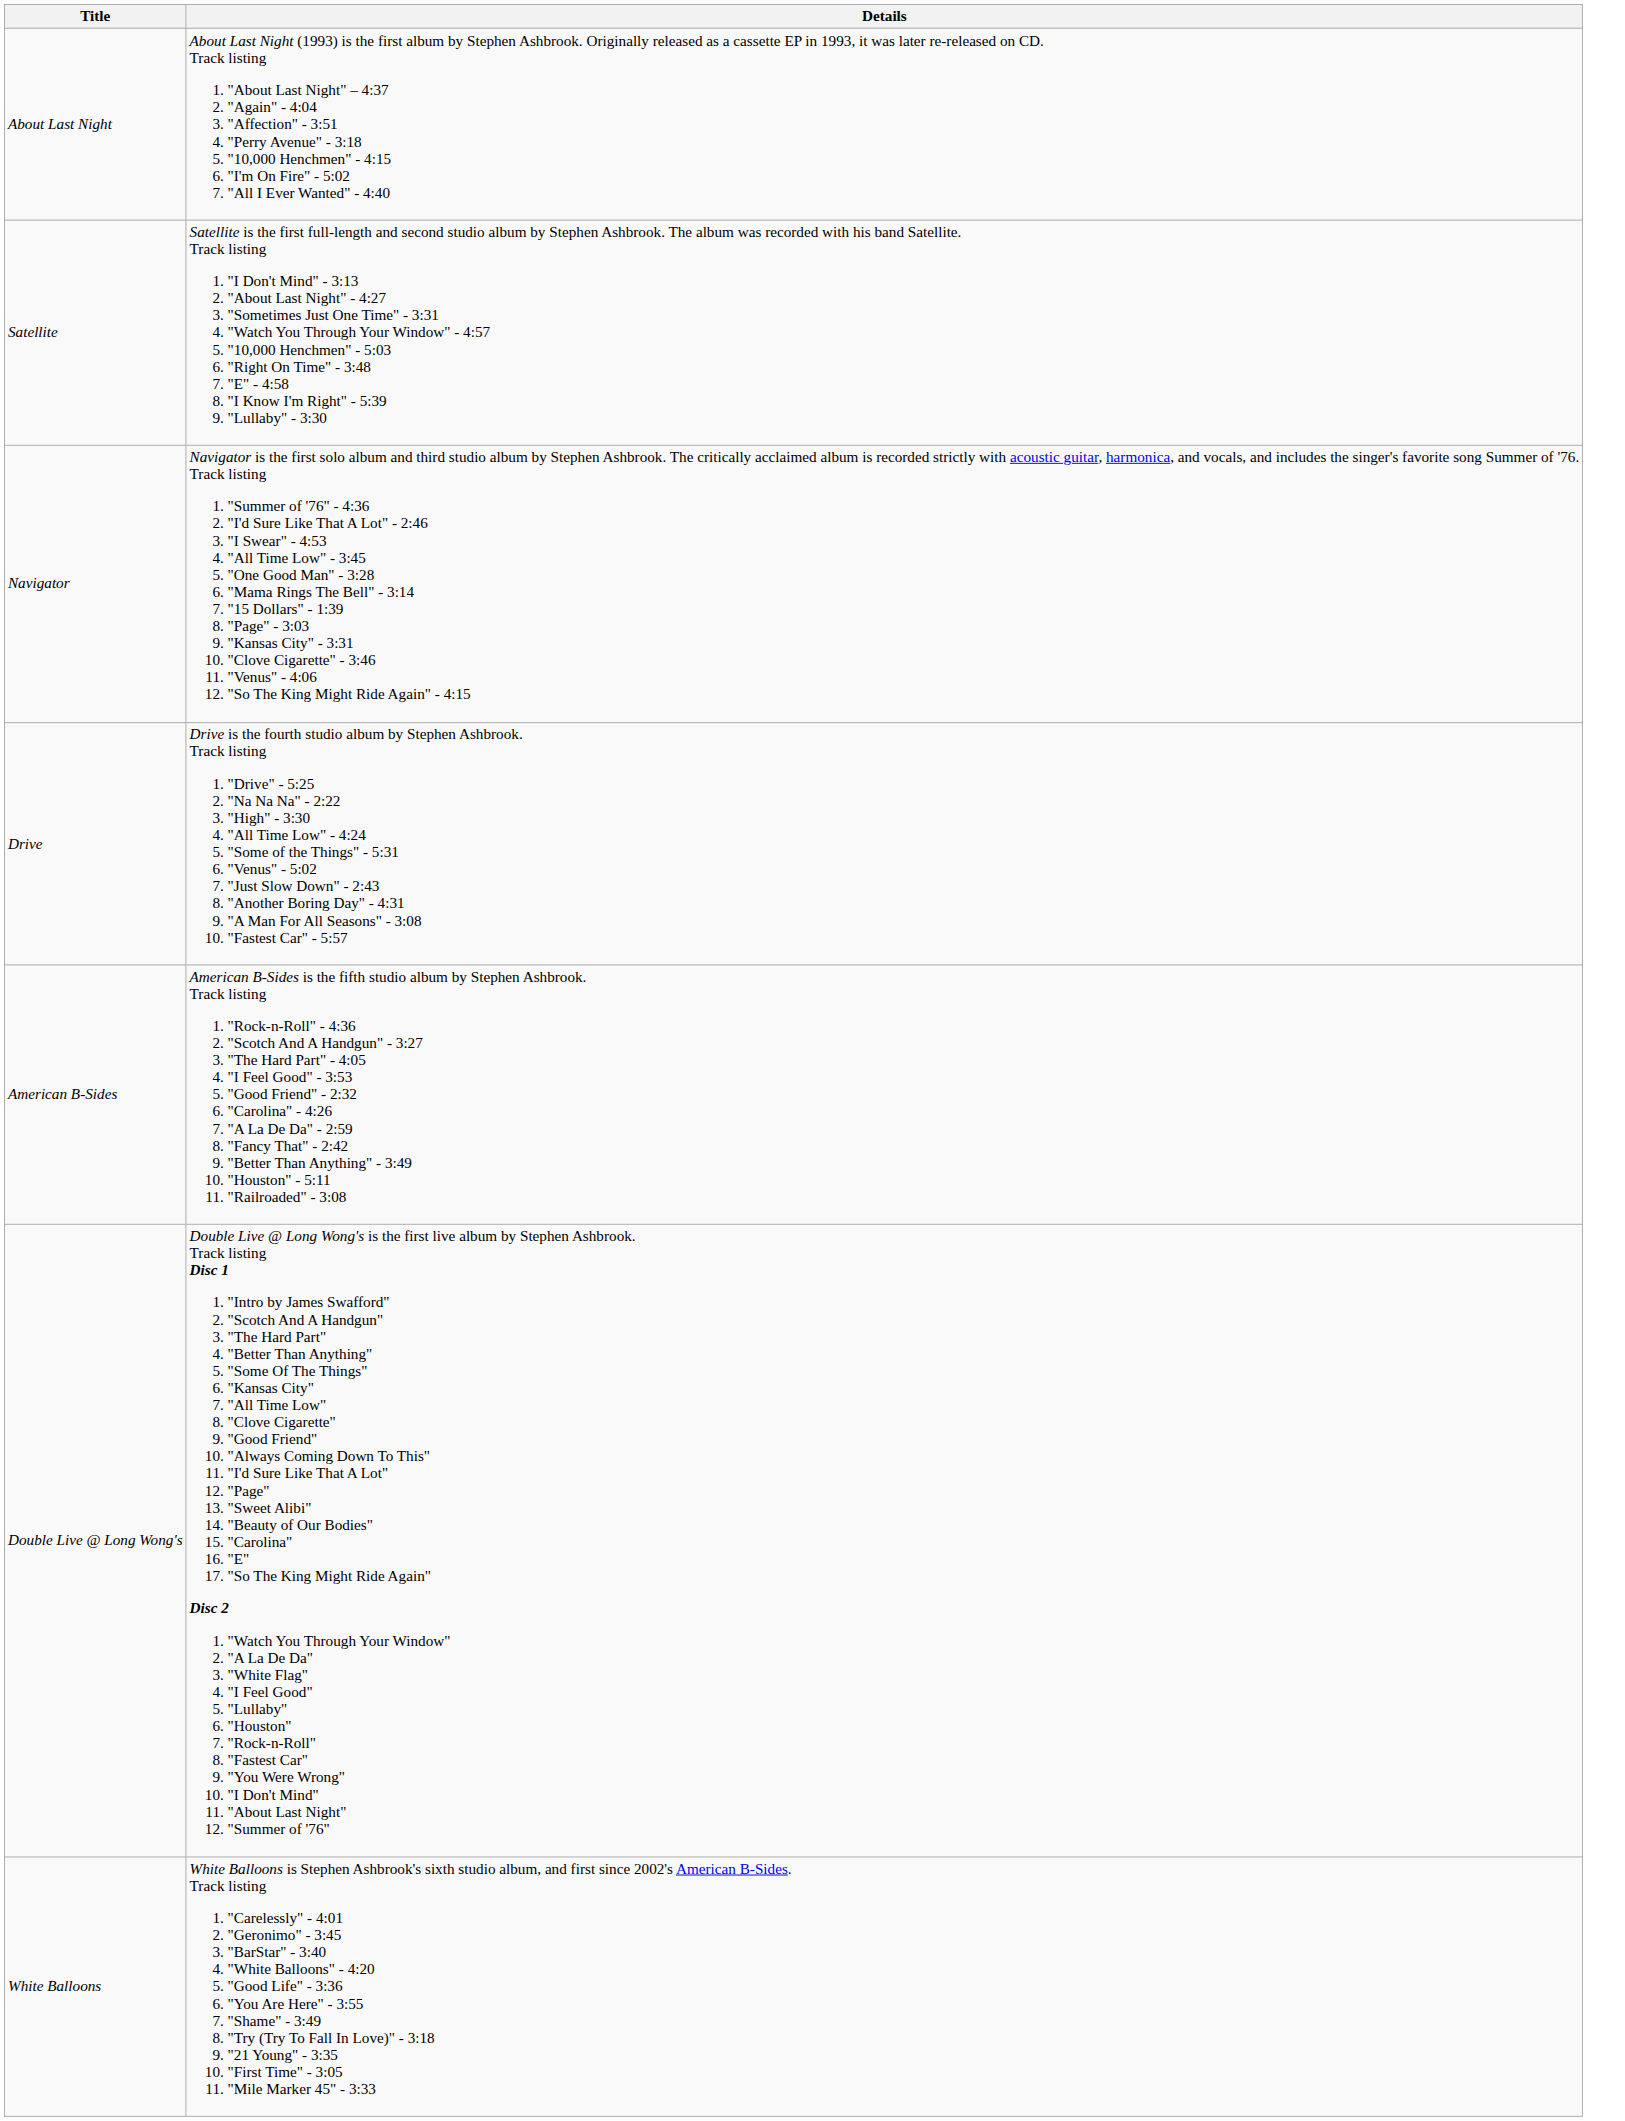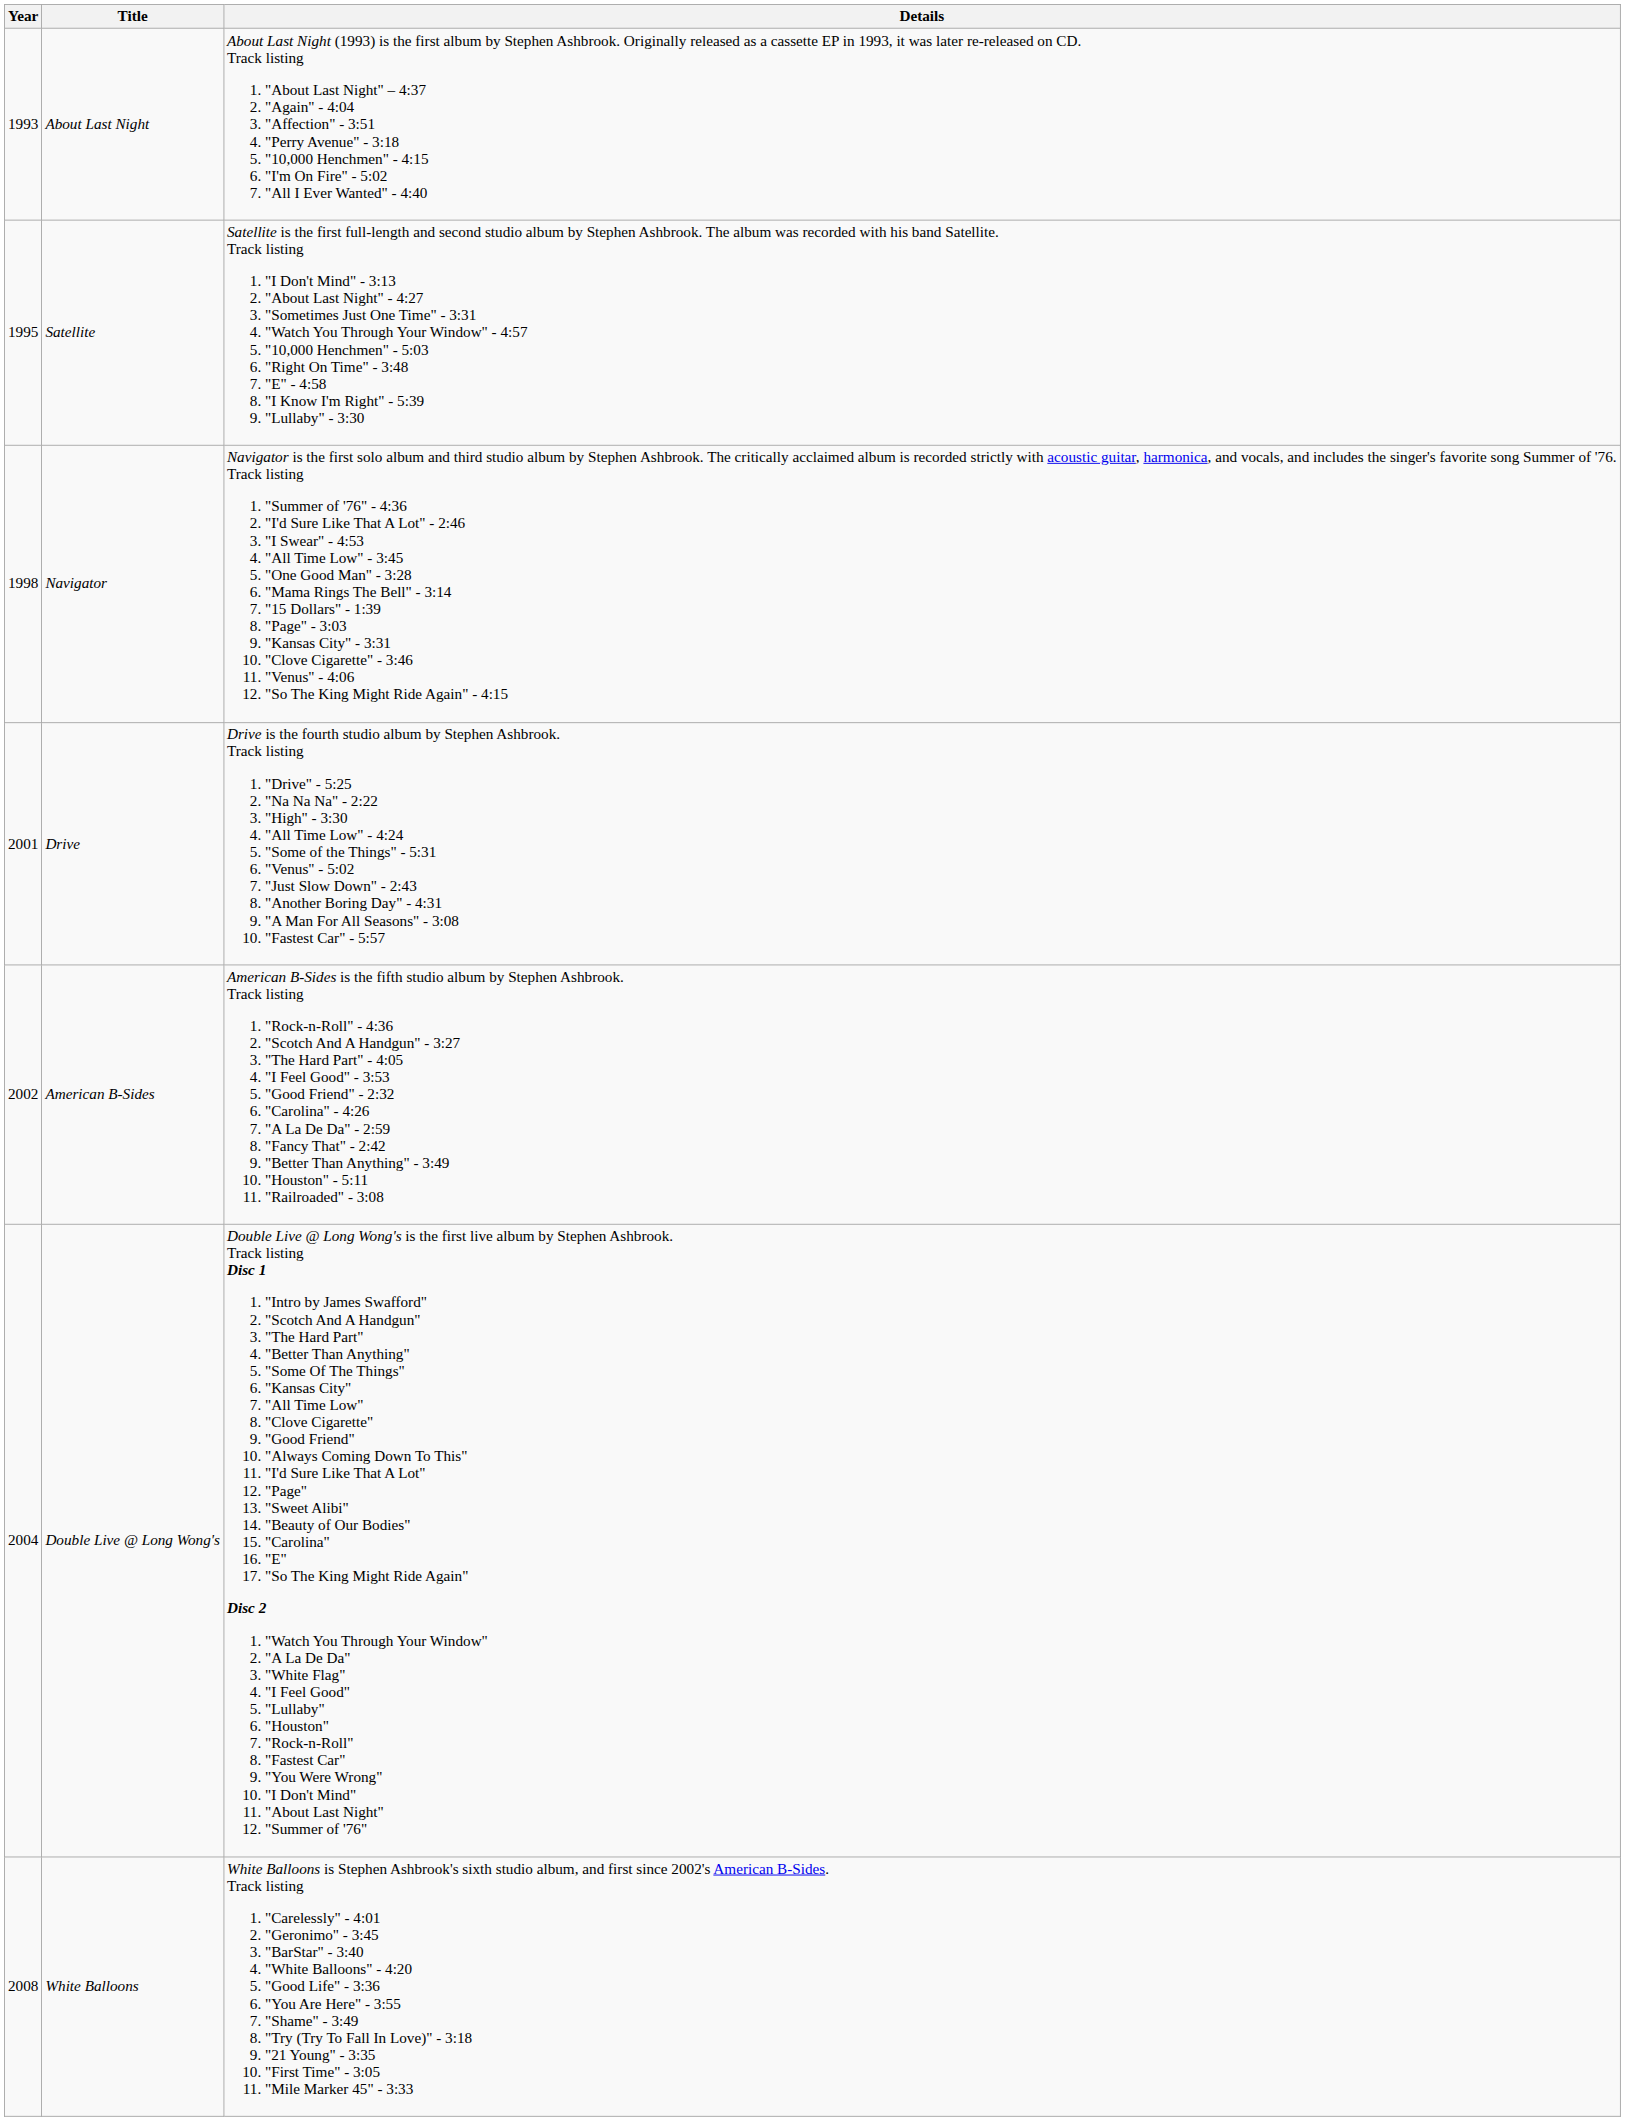 <table class="wikitable">
 <tr>
+<th>Year</th>
 <th>Title</th>
 <th>Details</th>
 </tr>
 <tr>
+<td>1993</td>
 <td><em>About Last Night</em></td>
 <td><em>About Last Night</em> (1993) is the first album by Stephen Ashbrook. Originally released as a cassette EP in 1993, it was later re-released on CD.<br>Track listing<ol><li>"About Last Night"  – 4:37</li><li>"Again" - 4:04</li><li>"Affection" - 3:51</li><li>"Perry Avenue" - 3:18</li><li>"10,000 Henchmen" - 4:15</li><li>"I'm On Fire" - 5:02</li><li>"All I Ever Wanted" - 4:40</li></ol></td>
 </tr>
 <tr>
+<td>1995</td>
 <td><em>Satellite</em></td>
 <td><em>Satellite</em> is the first full-length and second studio album by Stephen Ashbrook. The album was recorded with his band Satellite.<br>Track listing<ol><li>"I Don't Mind" - 3:13</li><li>"About Last Night" - 4:27</li><li>"Sometimes Just One Time" - 3:31</li><li>"Watch You Through Your Window" - 4:57</li><li>"10,000 Henchmen" - 5:03</li><li>"Right On Time" - 3:48</li><li>"E" - 4:58</li><li>"I Know I'm Right" - 5:39</li><li>"Lullaby" - 3:30</li></ol></td>
 </tr>
 <tr>
+<td>1998</td>
 <td><em>Navigator</em></td>
 <td><em>Navigator</em> is the first solo album and third studio album by Stephen Ashbrook. The critically acclaimed album is recorded strictly with <a href='#'>acoustic guitar</a>, <a href='#'>harmonica</a>, and vocals, and includes the singer's favorite song Summer of '76.<br>Track listing<ol><li>"Summer of '76" - 4:36</li><li>"I'd Sure Like That A Lot" - 2:46</li><li>"I Swear" - 4:53</li><li>"All Time Low" - 3:45</li><li>"One Good Man" - 3:28</li><li>"Mama Rings The Bell" - 3:14</li><li>"15 Dollars" - 1:39</li><li>"Page" - 3:03</li><li>"Kansas City" - 3:31</li><li>"Clove Cigarette" - 3:46</li><li>"Venus" - 4:06</li><li>"So The King Might Ride Again" - 4:15</li></ol></td>
 </tr>
 <tr>
+<td>2001</td>
 <td><em>Drive</em></td>
 <td><em>Drive</em> is the fourth studio album by Stephen Ashbrook.<br>Track listing<ol><li>"Drive" - 5:25</li><li>"Na Na Na" - 2:22</li><li>"High" - 3:30</li><li>"All Time Low" - 4:24</li><li>"Some of the Things" - 5:31</li><li>"Venus" - 5:02</li><li>"Just Slow Down" - 2:43</li><li>"Another Boring Day" - 4:31</li><li>"A Man For All Seasons" - 3:08</li><li>"Fastest Car" - 5:57</li></ol></td>
 </tr>
 <tr>
+<td>2002</td>
 <td><em>American B-Sides</em></td>
 <td><em>American B-Sides</em> is the fifth studio album by Stephen Ashbrook.<br>Track listing<ol><li>"Rock-n-Roll" - 4:36</li><li>"Scotch And A Handgun" - 3:27</li><li>"The Hard Part" - 4:05</li><li>"I Feel Good" - 3:53</li><li>"Good Friend" - 2:32</li><li>"Carolina" - 4:26</li><li>"A La De Da" - 2:59</li><li>"Fancy That" - 2:42</li><li>"Better Than Anything" - 3:49</li><li>"Houston" - 5:11</li><li>"Railroaded" - 3:08</li></ol></td>
 </tr>
 <tr>
+<td>2004</td>
 <td><em>Double Live @ Long Wong's</em></td>
 <td><em>Double Live @ Long Wong's</em> is the first live album by Stephen Ashbrook.<br>Track listing<br><strong><em>Disc 1</em></strong><ol><li>"Intro by James Swafford"</li><li>"Scotch And A Handgun"</li><li>"The Hard Part"</li><li>"Better Than Anything"</li><li>"Some Of The Things"</li><li>"Kansas City"</li><li>"All Time Low"</li><li>"Clove Cigarette"</li><li>"Good Friend"</li><li>"Always Coming Down To This"</li><li>"I'd Sure Like That A Lot"</li><li>"Page"</li><li>"Sweet Alibi"</li><li>"Beauty of Our Bodies"</li><li>"Carolina"</li><li>"E"</li><li>"So The King Might Ride Again"</li></ol><strong><em>Disc 2</em></strong><ol><li>"Watch You Through Your Window"</li><li>"A La De Da"</li><li>"White Flag"</li><li>"I Feel Good"</li><li>"Lullaby"</li><li>"Houston"</li><li>"Rock-n-Roll"</li><li>"Fastest Car"</li><li>"You Were Wrong"</li><li>"I Don't Mind"</li><li>"About Last Night"</li><li>"Summer of '76"</li></ol></td>
 </tr>
 <tr>
+<td>2008</td>
 <td><em>White Balloons</em></td>
 <td><em>White Balloons</em> is Stephen Ashbrook's sixth studio album, and first since 2002's <a href='#'>American B-Sides</a>.<br>Track listing<ol><li>"Carelessly" - 4:01</li><li>"Geronimo" - 3:45</li><li>"BarStar" - 3:40</li><li>"White Balloons" - 4:20</li><li>"Good Life" - 3:36</li><li>"You Are Here" - 3:55</li><li>"Shame" - 3:49</li><li>"Try (Try To Fall In Love)" - 3:18</li><li>"21 Young" - 3:35</li><li>"First Time" - 3:05</li><li>"Mile Marker 45" - 3:33</li></ol></td>
 </tr>
 </table>
